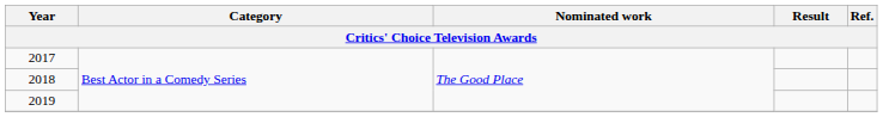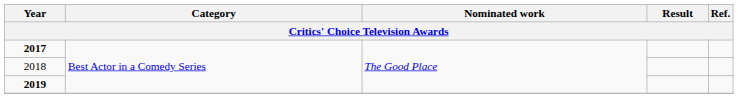 <table class=wikitable>
 <tr>
 <th scope="col" style="width:5em;">Year</th>
 <th scope="col" style="width:26em;">Category</th>
 <th scope="col" style="width:25em;">Nominated work</th>
 <th scope="col" style="width:5em;">Result</th>
 <th>Ref.</th>
 </tr>
 <tr>
 <th colspan=5><a href='#'>Critics' Choice Television Awards</a></th>
 </tr>
 <tr>
-<td style="text-align:center;">2017</td>
+<td style="text-align:center;"><strong>2017</strong></td>
 <td rowspan=3><a href='#'>Best Actor in a Comedy Series</a></td>
 <td rowspan=3><em><a href='#'>The Good Place</a></em></td>
 <td></td>
 <td></td>
 </tr>
 <tr>
 <td style="text-align:center;">2018</td>
 <td></td>
 <td></td>
 </tr>
 <tr>
-<td style="text-align:center;">2019</td>
+<td style="text-align:center;"><strong>2019</strong></td>
 <td></td>
 <td></td>
 </tr>
 <tr>
 </tr>
 </table>
